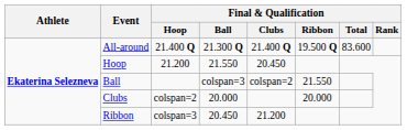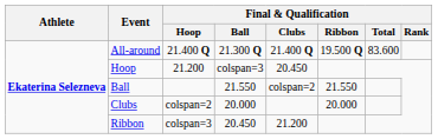 <table class="wikitable" style="text-align:center; font-size:90%">
 <tr>
 <th rowspan=2>Athlete</th>
 <th rowspan=2>Event</th>
 <th colspan=6>Final & Qualification</th>
 </tr>
 <tr style="font-size:95%">
 <th>Hoop</th>
 <th>Ball</th>
 <th>Clubs</th>
 <th>Ribbon</th>
 <th>Total</th>
 <th>Rank</th>
 </tr>
 <tr>
 <td rowspan=5 align=left><strong><a href='#'>Ekaterina Selezneva</a></strong></td>
 <td align=left><a href='#'>All-around</a></td>
 <td>21.400 <strong>Q</strong></td>
 <td>21.300 <strong>Q</strong></td>
 <td>21.400 <strong>Q</strong></td>
 <td>19.500 <strong>Q</strong></td>
 <td>83.600</td>
 <td></td>
 </tr>
 <tr>
 <td align=left><a href='#'>Hoop</a></td>
 <td>21.200</td>
-<td>21.550</td>
+<td>colspan=3 </td>
 <td>20.450</td>
 <td></td>
 </tr>
 <tr>
 <td align=left><a href='#'>Ball</a></td>
 <td></td>
-<td>colspan=3 </td>
+<td>21.550</td>
 <td>colspan=2 </td>
 <td>21.550</td>
 <td></td>
 </tr>
 <tr>
 <td align=left><a href='#'>Clubs</a></td>
 <td>colspan=2 </td>
 <td>20.000</td>
 <td></td>
 <td>20.000</td>
 <td></td>
 </tr>
 <tr>
 <td align=left><a href='#'>Ribbon</a></td>
 <td>colspan=3 </td>
 <td>20.450</td>
 <td>21.200</td>
 <td></td>
 </tr>
 </table>
